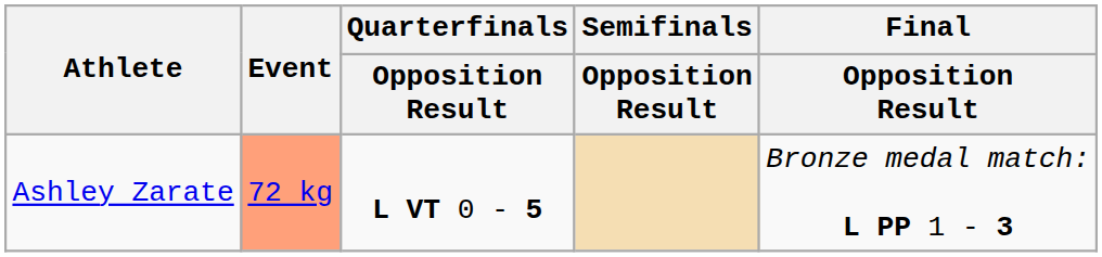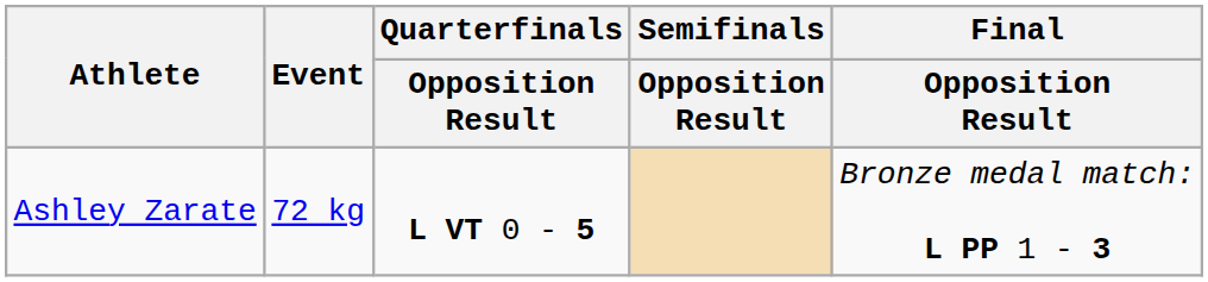 <table class="wikitable" border="1" style="font-size:90%">
 <tr>
 <th rowspan=2>Athlete</th>
 <th rowspan=2>Event</th>
 <th>Quarterfinals</th>
 <th>Semifinals</th>
 <th>Final</th>
 </tr>
 <tr>
 <th>Opposition<br>Result</th>
 <th>Opposition<br>Result</th>
 <th>Opposition<br>Result</th>
 </tr>
 <tr>
 <td><a href='#'>Ashley Zarate</a></td>
-<td style="background: lightsalmon;"><a href='#'>72 kg</a></td>
+<td><a href='#'>72 kg</a></td>
 <td align=center><br><strong>L VT</strong> 0 - <strong>5</strong></td>
 <td bgcolor=wheat></td>
 <td align=center><em>Bronze medal match:</em><br><br><strong>L PP</strong> 1 - <strong>3</strong></td>
 </tr>
 </table>
